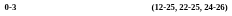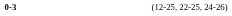 <table width=100% cellspacing=1>
 <tr>
 <th width=20%></th>
 <th width=12%></th>
 <th width=20%></th>
 <th width=33%></th>
 <td></td>
 </tr>
 <tr style=font-size:90%>
 <td align=right></td>
 <td align=center><strong>0-3</strong></td>
 <td></td>
-<td><strong>(12-25, 22-25, 24-26)</strong></td>
+<td>(12-25, 22-25, 24-26)</td>
 </tr>
 </table>
